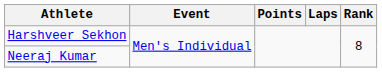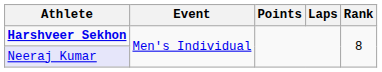 <table class="wikitable" style="font-size:90%;text-align:center">
 <tr>
 <th>Athlete</th>
 <th>Event</th>
 <th>Points</th>
 <th>Laps</th>
 <th>Rank</th>
 </tr>
 <tr>
-<td style="text-align:left"><a href='#'>Harshveer Sekhon</a></td>
+<td style="text-align:left"><strong><a href='#'>Harshveer Sekhon</a></strong></td>
 <td rowspan="2"><a href='#'>Men's Individual</a></td>
 <td colspan="2" rowspan="2"></td>
 <td rowspan="2">8</td>
 </tr>
 <tr>
-<td style="text-align:left"><a href='#'>Neeraj Kumar</a></td>
+<td style="background: lavender; text-align:left"><a href='#'>Neeraj Kumar</a></td>
 </tr>
 </table>
